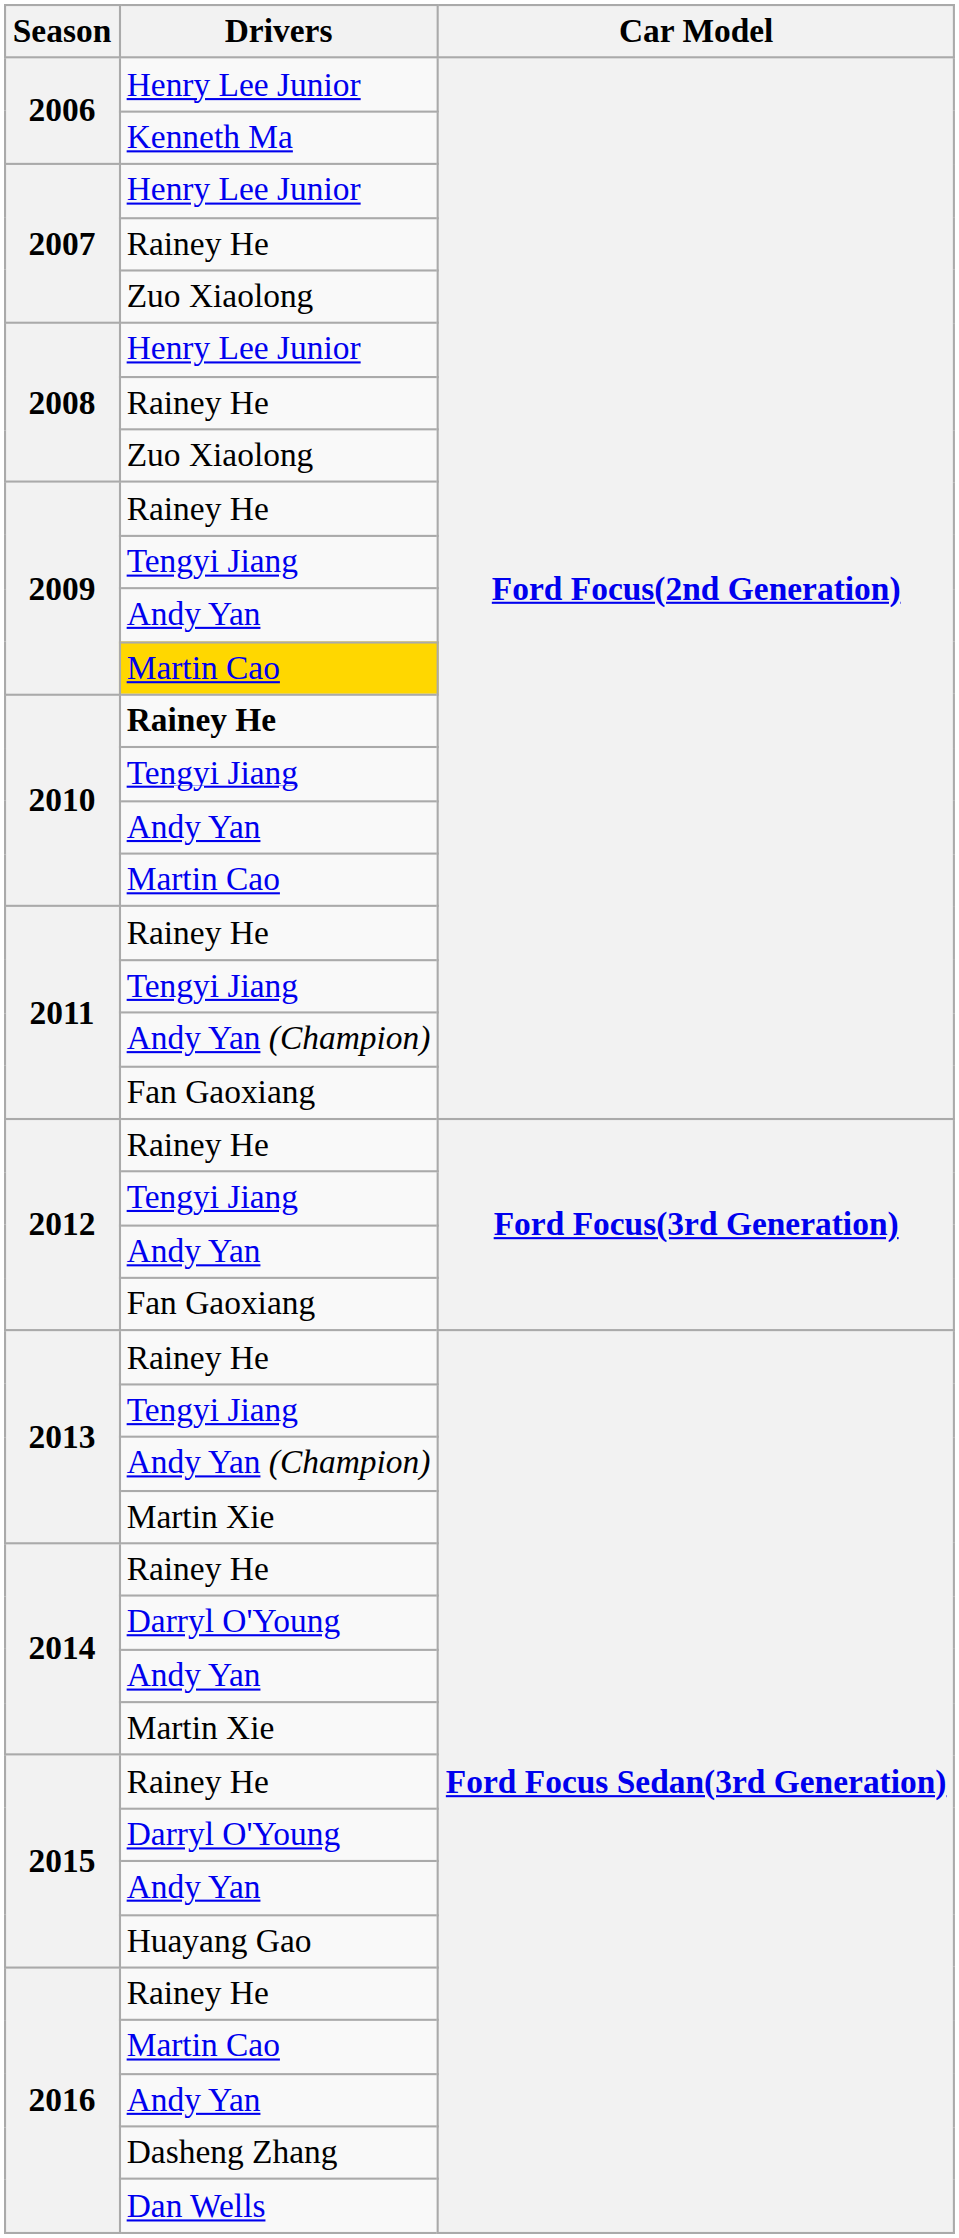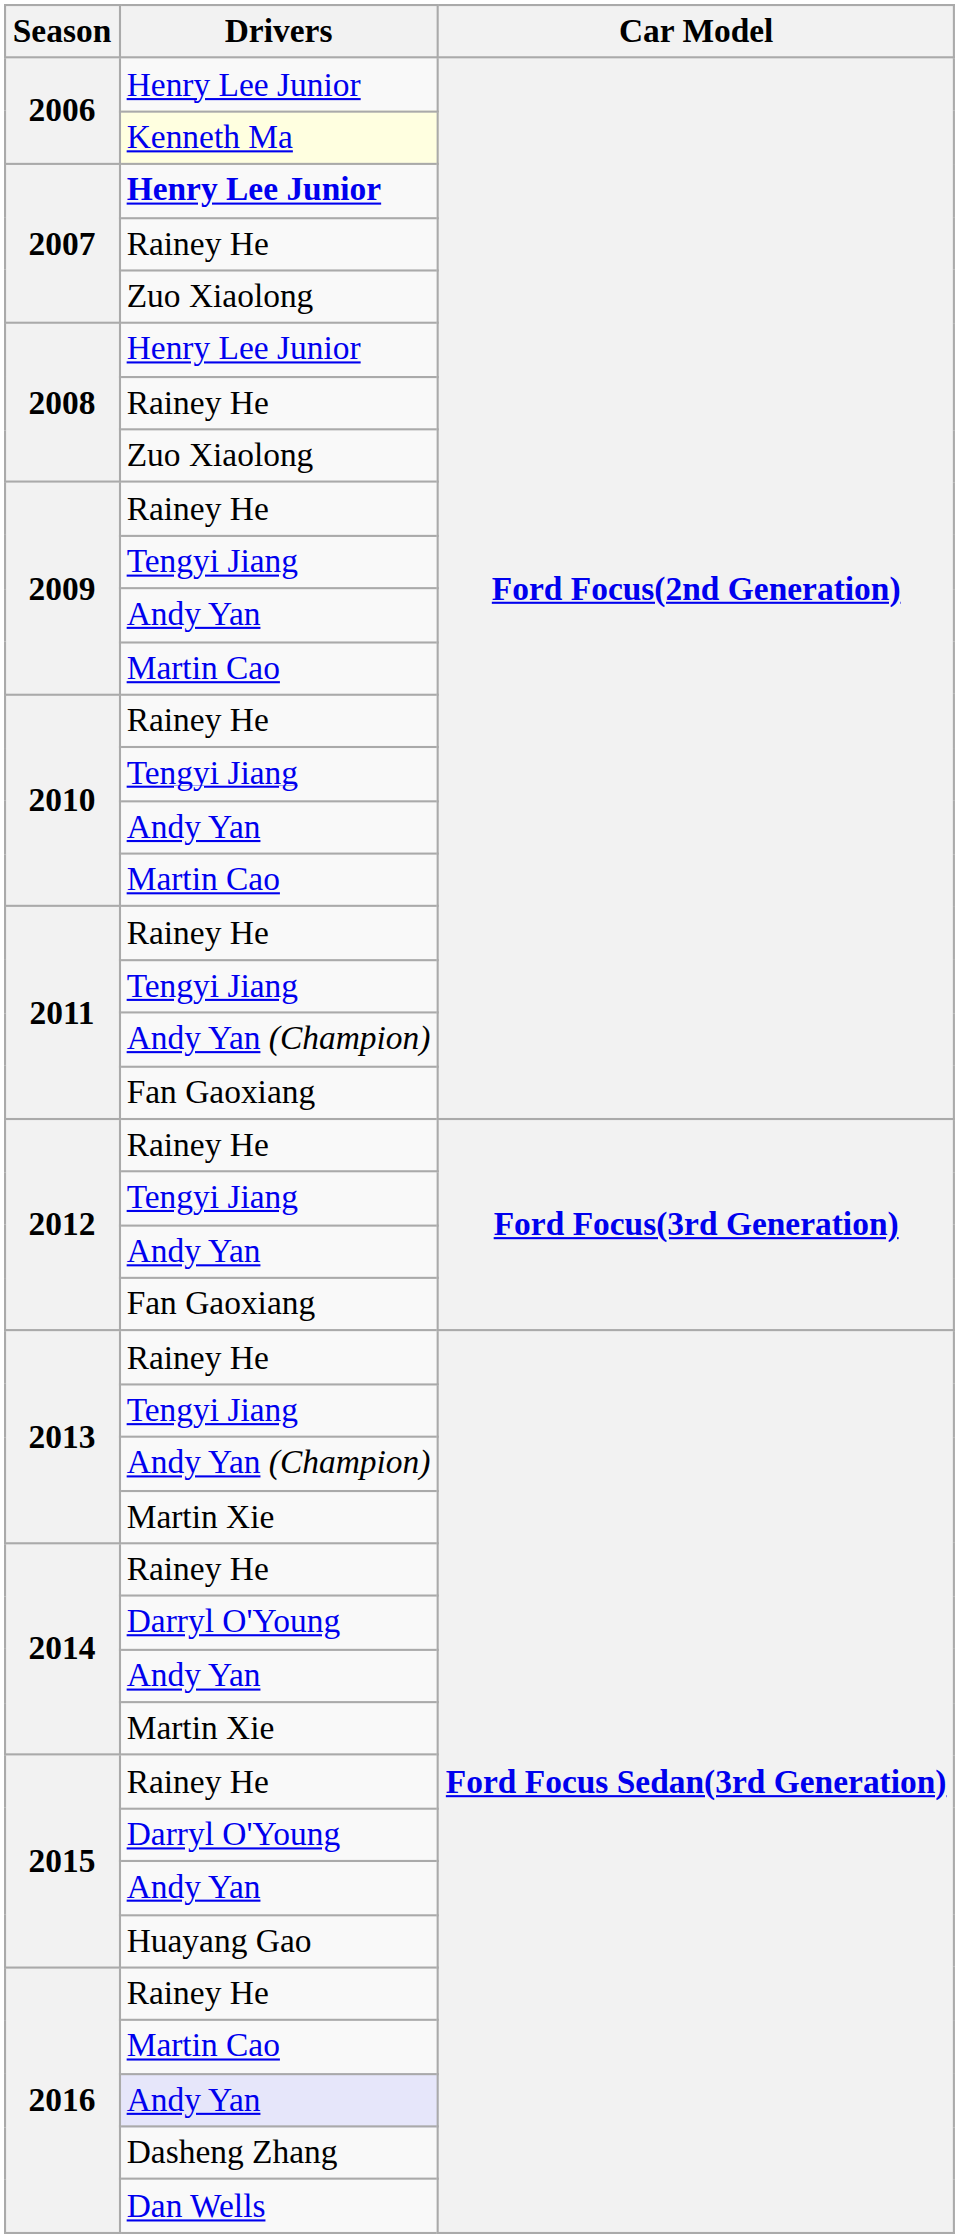 <table class="wikitable">
 <tr>
 <th>Season</th>
 <th>Drivers</th>
 <th>Car Model</th>
 </tr>
 <tr>
 <th rowspan="2">2006</th>
 <td> <a href='#'>Henry Lee Junior</a></td>
 <th rowspan="20"><a href='#'>Ford Focus(2nd Generation)</a></th>
 </tr>
 <tr>
-<td> <a href='#'>Kenneth Ma</a></td>
+<td style="background: lightyellow;"> <a href='#'>Kenneth Ma</a></td>
 </tr>
 <tr>
 <th rowspan="3">2007</th>
-<td> <a href='#'>Henry Lee Junior</a></td>
+<td><strong> <a href='#'>Henry Lee Junior</a></strong></td>
 </tr>
 <tr>
 <td> Rainey He</td>
 </tr>
 <tr>
 <td> Zuo Xiaolong</td>
 </tr>
 <tr>
 <th rowspan="3">2008</th>
 <td> <a href='#'>Henry Lee Junior</a></td>
 </tr>
 <tr>
 <td> Rainey He</td>
 </tr>
 <tr>
 <td> Zuo Xiaolong</td>
 </tr>
 <tr>
 <th rowspan="4">2009</th>
 <td> Rainey He</td>
 </tr>
 <tr>
 <td> <a href='#'>Tengyi Jiang</a></td>
 </tr>
 <tr>
 <td> <a href='#'>Andy Yan</a></td>
 </tr>
 <tr>
-<td style="background: gold;"> <a href='#'>Martin Cao</a></td>
+<td> <a href='#'>Martin Cao</a></td>
 </tr>
 <tr>
 <th rowspan="4">2010</th>
-<td><strong> Rainey He</strong></td>
+<td> Rainey He</td>
 </tr>
 <tr>
 <td> <a href='#'>Tengyi Jiang</a></td>
 </tr>
 <tr>
 <td> <a href='#'>Andy Yan</a></td>
 </tr>
 <tr>
 <td> <a href='#'>Martin Cao</a></td>
 </tr>
 <tr>
 <th rowspan="4">2011</th>
 <td> Rainey He</td>
 </tr>
 <tr>
 <td> <a href='#'>Tengyi Jiang</a></td>
 </tr>
 <tr>
 <td> <a href='#'>Andy Yan</a> <em>(Champion)</em></td>
 </tr>
 <tr>
 <td> Fan Gaoxiang</td>
 </tr>
 <tr>
 <th rowspan="4">2012</th>
 <td> Rainey He</td>
 <th rowspan="4"><a href='#'>Ford Focus(3rd Generation)</a></th>
 </tr>
 <tr>
 <td> <a href='#'>Tengyi Jiang</a></td>
 </tr>
 <tr>
 <td> <a href='#'>Andy Yan</a></td>
 </tr>
 <tr>
 <td> Fan Gaoxiang</td>
 </tr>
 <tr>
 <th rowspan="4">2013</th>
 <td> Rainey He</td>
 <th rowspan="17"><a href='#'>Ford Focus Sedan(3rd Generation)</a></th>
 </tr>
 <tr>
 <td> <a href='#'>Tengyi Jiang</a></td>
 </tr>
 <tr>
 <td> <a href='#'>Andy Yan</a> <em>(Champion)</em></td>
 </tr>
 <tr>
 <td> Martin Xie</td>
 </tr>
 <tr>
 <th rowspan="4">2014</th>
 <td> Rainey He</td>
 </tr>
 <tr>
 <td> <a href='#'>Darryl O'Young</a></td>
 </tr>
 <tr>
 <td> <a href='#'>Andy Yan</a></td>
 </tr>
 <tr>
 <td> Martin Xie</td>
 </tr>
 <tr>
 <th rowspan="4">2015</th>
 <td> Rainey He</td>
 </tr>
 <tr>
 <td> <a href='#'>Darryl O'Young</a></td>
 </tr>
 <tr>
 <td> <a href='#'>Andy Yan</a></td>
 </tr>
 <tr>
 <td> Huayang Gao</td>
 </tr>
 <tr>
 <th rowspan="5">2016</th>
 <td> Rainey He</td>
 </tr>
 <tr>
 <td> <a href='#'>Martin Cao</a></td>
 </tr>
 <tr>
-<td> <a href='#'>Andy Yan</a></td>
+<td style="background: lavender;"> <a href='#'>Andy Yan</a></td>
 </tr>
 <tr>
 <td> Dasheng Zhang</td>
 </tr>
 <tr>
 <td> <a href='#'>Dan Wells</a></td>
 </tr>
 </table>
